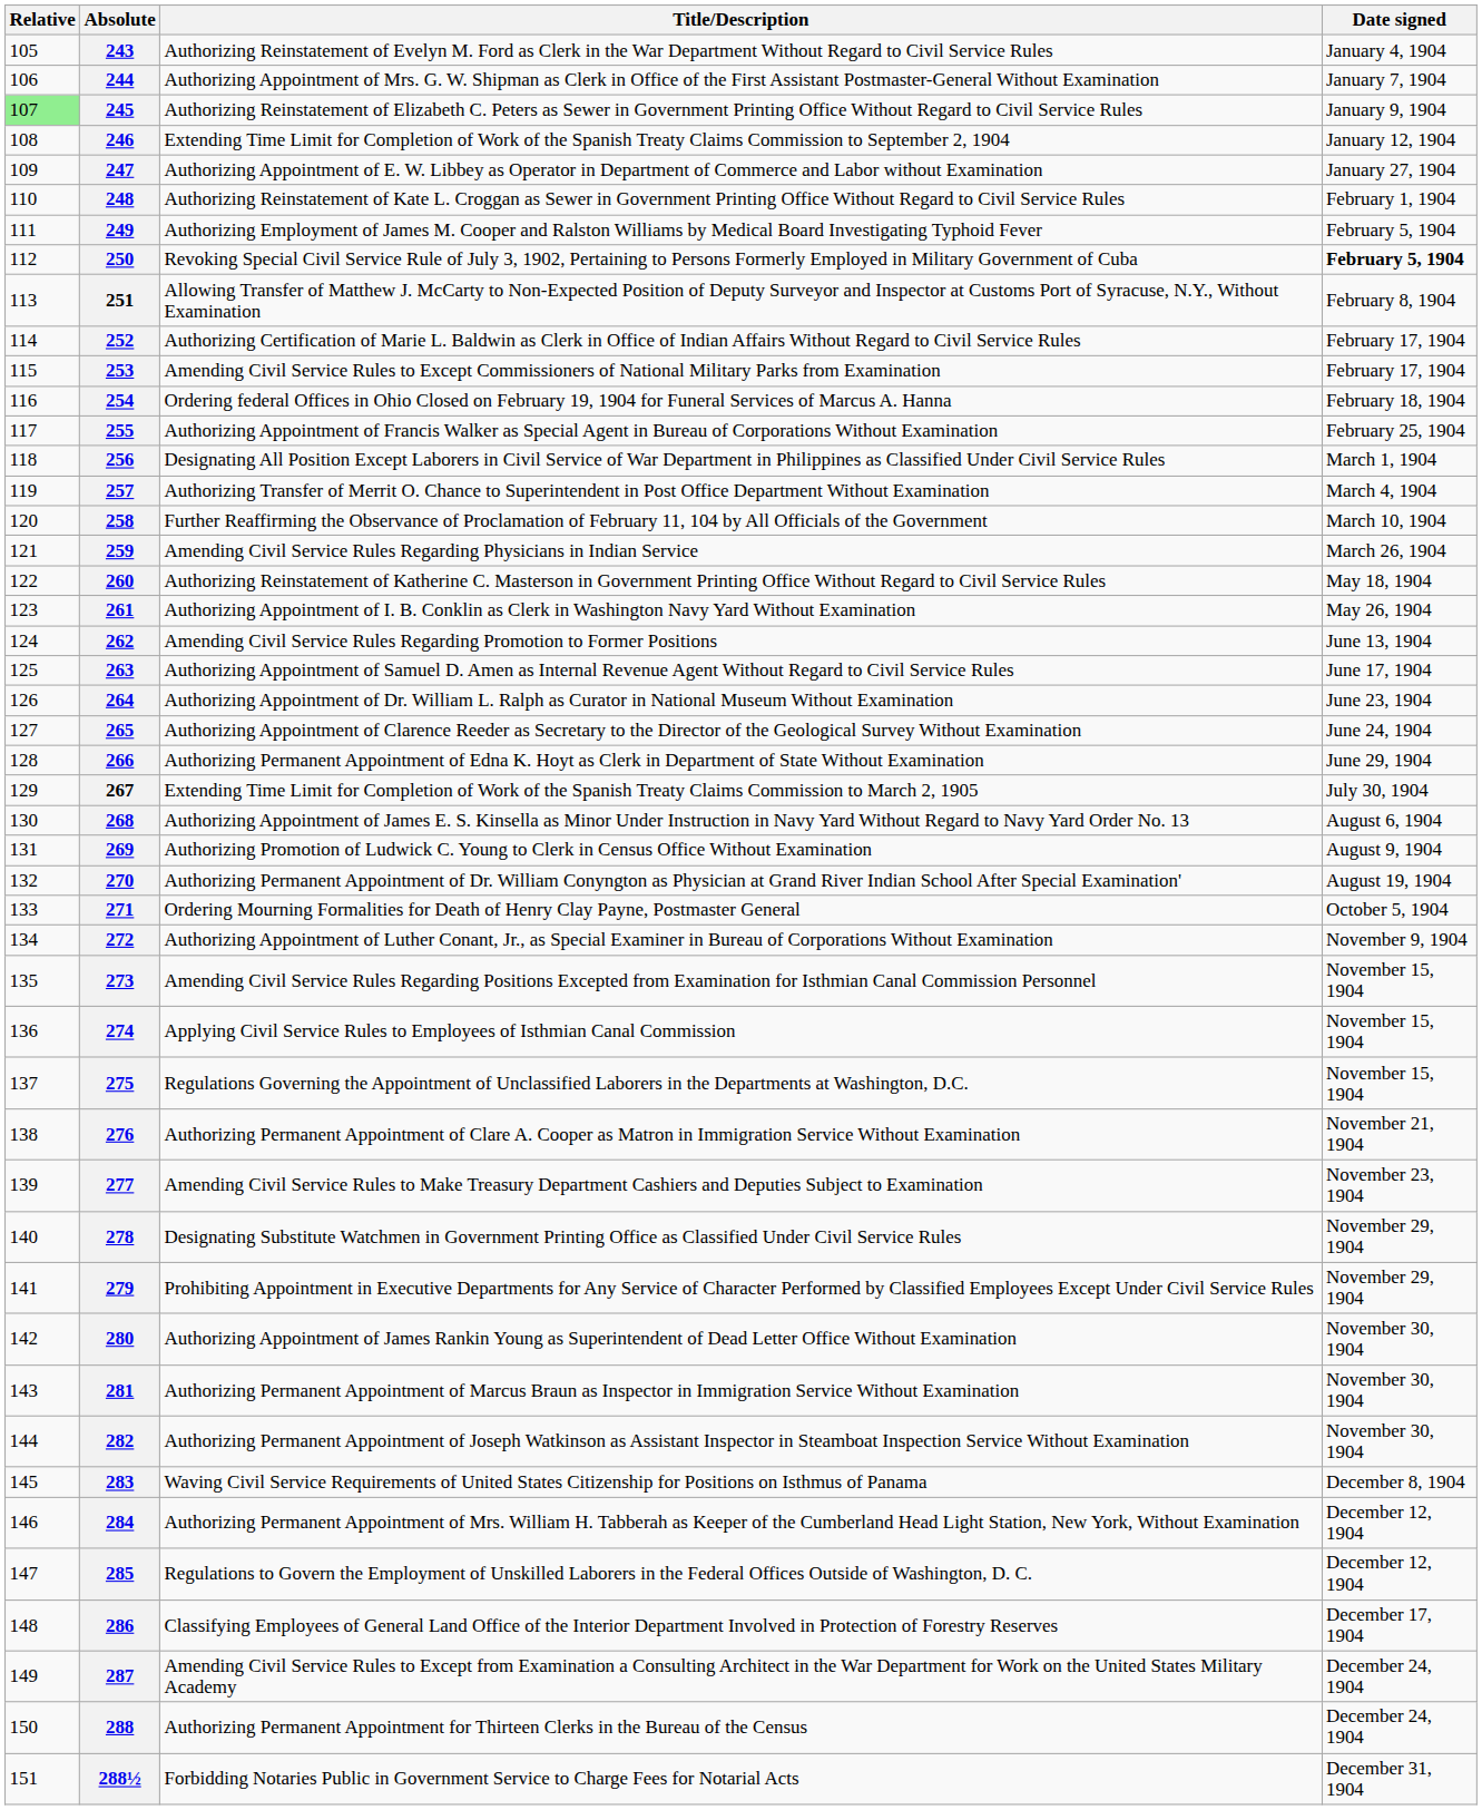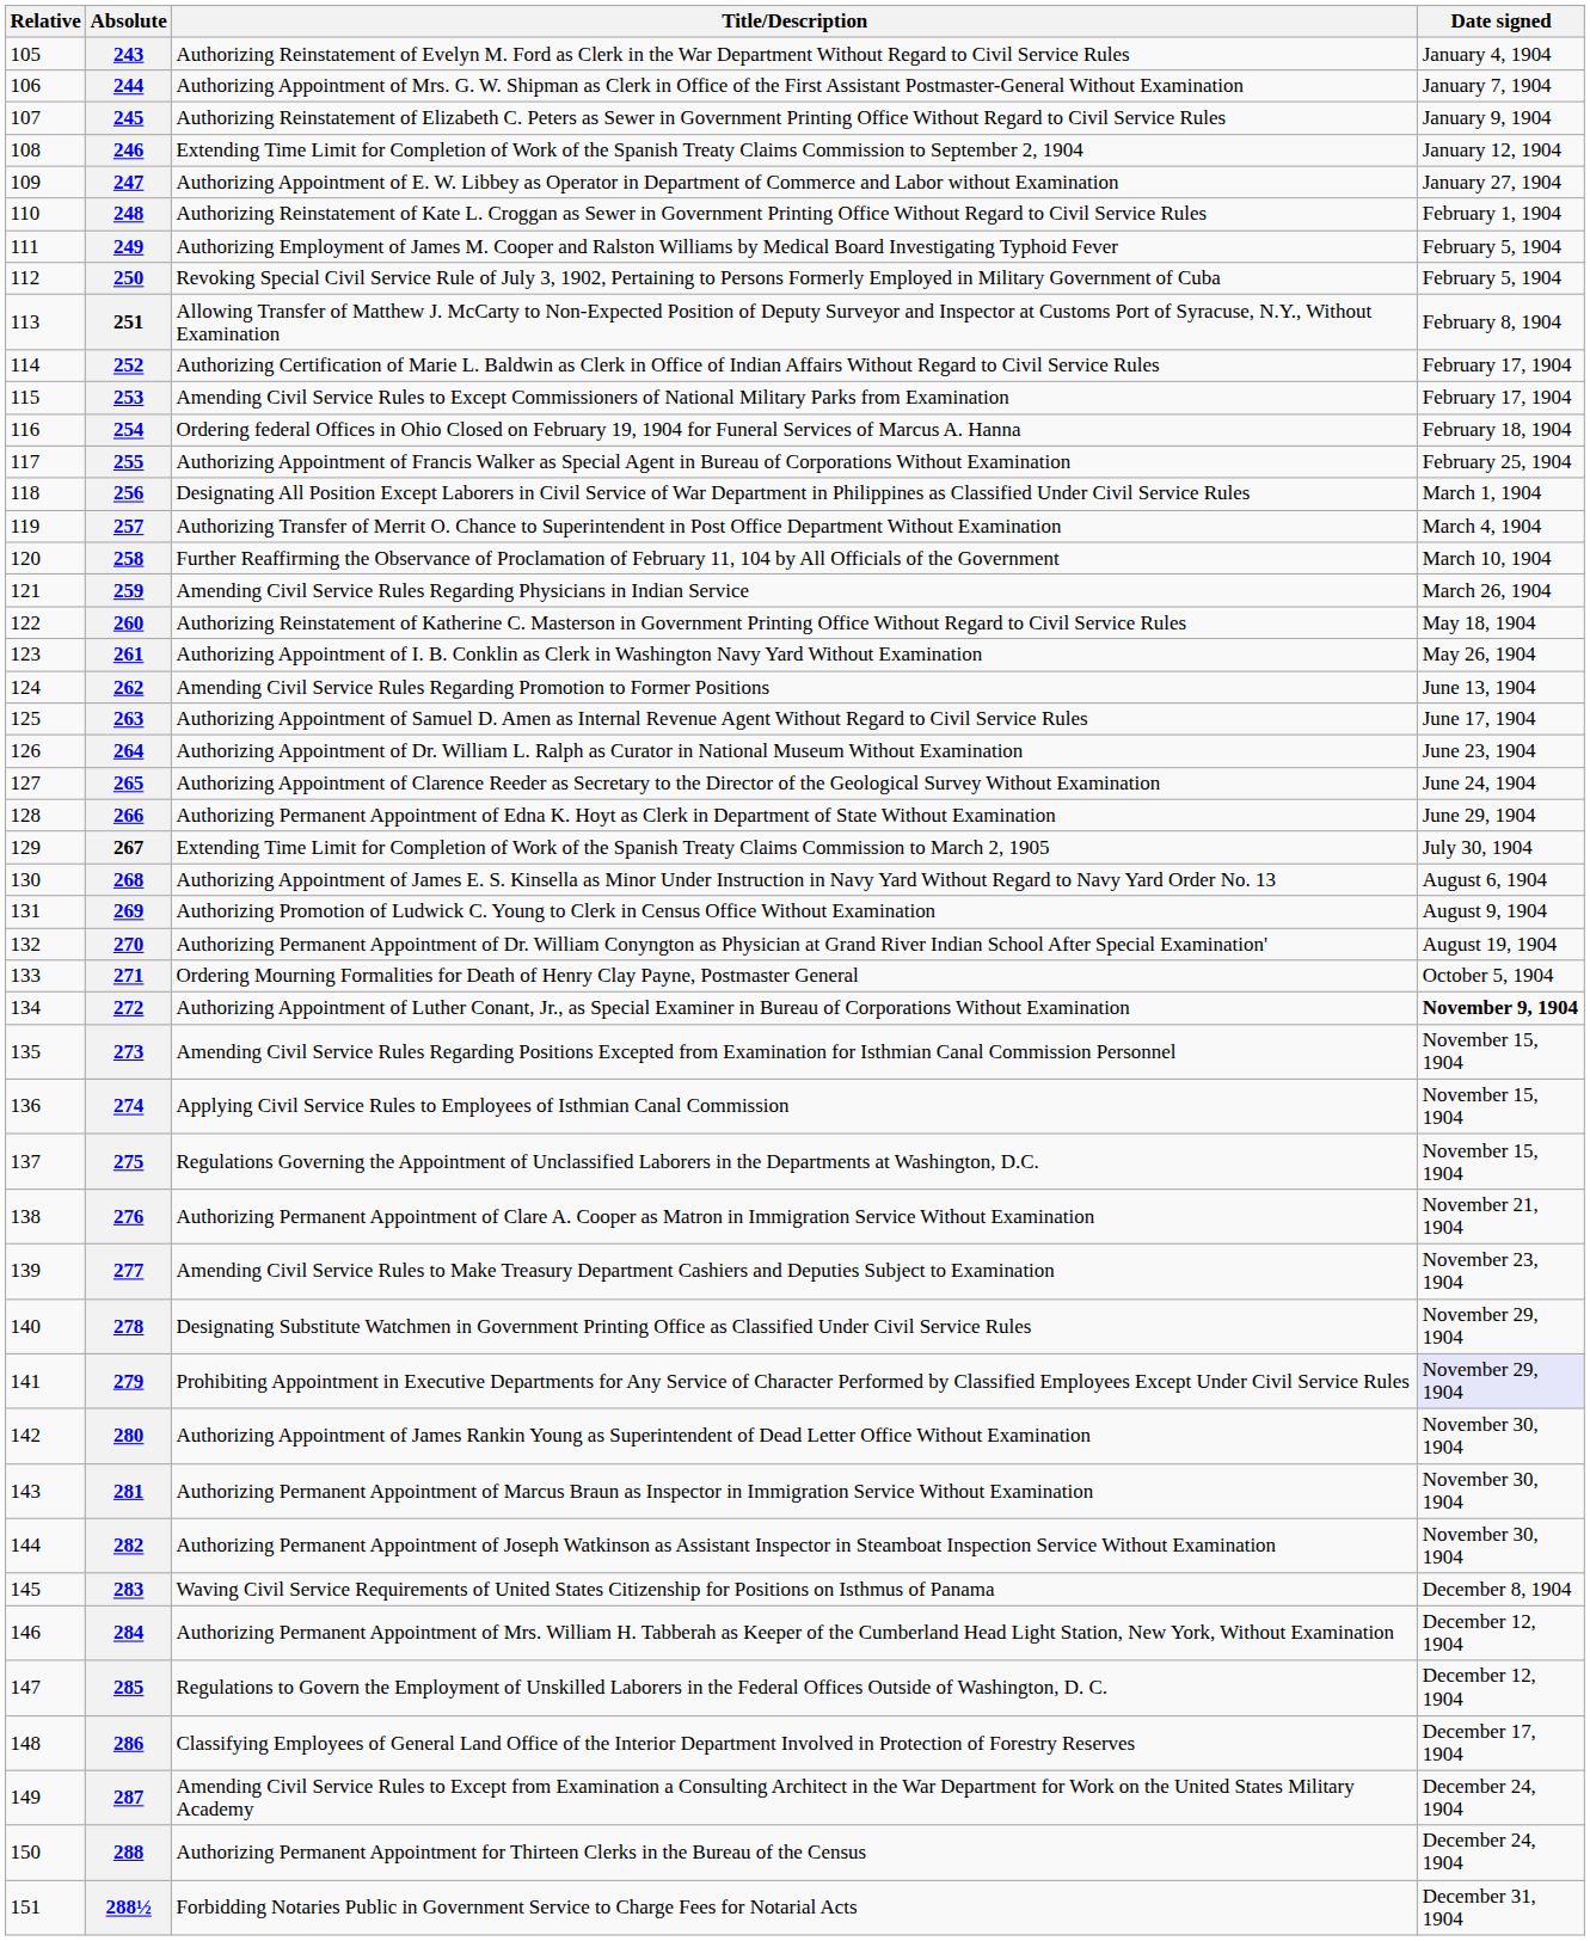 <table class="wikitable">
 <tr>
 <th>Relative </th>
 <th>Absolute </th>
 <th>Title/Description</th>
 <th>Date signed</th>
 </tr>
 <tr>
 <td>105</td>
 <th><a href='#'>243</a></th>
 <td>Authorizing Reinstatement of Evelyn M. Ford as Clerk in the War Department Without Regard to Civil Service Rules</td>
 <td>January 4, 1904</td>
 </tr>
 <tr>
 <td>106</td>
 <th><a href='#'>244</a></th>
 <td>Authorizing Appointment of Mrs. G. W. Shipman as Clerk in Office of the First Assistant Postmaster-General Without Examination</td>
 <td>January 7, 1904</td>
 </tr>
 <tr>
-<td style="background: lightgreen;">107</td>
+<td>107</td>
 <th><a href='#'>245</a></th>
 <td>Authorizing Reinstatement of Elizabeth C. Peters as Sewer in Government Printing Office Without Regard to Civil Service Rules</td>
 <td>January 9, 1904</td>
 </tr>
 <tr>
 <td>108</td>
 <th><a href='#'>246</a></th>
 <td>Extending Time Limit for Completion of Work of the Spanish Treaty Claims Commission to September 2, 1904</td>
 <td>January 12, 1904</td>
 </tr>
 <tr>
 <td>109</td>
 <th><a href='#'>247</a></th>
 <td>Authorizing Appointment of E. W. Libbey as Operator in Department of Commerce and Labor without Examination</td>
 <td>January 27, 1904</td>
 </tr>
 <tr>
 <td>110</td>
 <th><a href='#'>248</a></th>
 <td>Authorizing Reinstatement of Kate L. Croggan as Sewer in Government Printing Office Without Regard to Civil Service Rules</td>
 <td>February 1, 1904</td>
 </tr>
 <tr>
 <td>111</td>
 <th><a href='#'>249</a></th>
 <td>Authorizing Employment of James M. Cooper and Ralston Williams by Medical Board Investigating Typhoid Fever</td>
 <td>February 5, 1904</td>
 </tr>
 <tr>
 <td>112</td>
 <th><a href='#'>250</a></th>
 <td>Revoking Special Civil Service Rule of July 3, 1902, Pertaining to Persons Formerly Employed in Military Government of Cuba</td>
-<td><strong>February 5, 1904</strong></td>
+<td>February 5, 1904</td>
 </tr>
 <tr>
 <td>113</td>
 <th>251</th>
 <td>Allowing Transfer of Matthew J. McCarty to Non-Expected Position of Deputy Surveyor and Inspector at Customs Port of Syracuse, N.Y., Without Examination</td>
 <td>February 8, 1904</td>
 </tr>
 <tr>
 <td>114</td>
 <th><a href='#'>252</a></th>
 <td>Authorizing Certification of Marie L. Baldwin as Clerk in Office of Indian Affairs Without Regard to Civil Service Rules</td>
 <td>February 17, 1904</td>
 </tr>
 <tr>
 <td>115</td>
 <th><a href='#'>253</a></th>
 <td>Amending Civil Service Rules to Except Commissioners of National Military Parks from Examination</td>
 <td>February 17, 1904</td>
 </tr>
 <tr>
 <td>116</td>
 <th><a href='#'>254</a></th>
 <td>Ordering federal Offices in Ohio Closed on February 19, 1904 for Funeral Services of Marcus A. Hanna</td>
 <td>February 18, 1904</td>
 </tr>
 <tr>
 <td>117</td>
 <th><a href='#'>255</a></th>
 <td>Authorizing Appointment of Francis Walker as Special Agent in Bureau of Corporations Without Examination</td>
 <td>February 25, 1904</td>
 </tr>
 <tr>
 <td>118</td>
 <th><a href='#'>256</a></th>
 <td>Designating All Position Except Laborers in Civil Service of War Department in Philippines as Classified Under Civil Service Rules</td>
 <td>March 1, 1904</td>
 </tr>
 <tr>
 <td>119</td>
 <th><a href='#'>257</a></th>
 <td>Authorizing Transfer of Merrit O. Chance to Superintendent in Post Office Department Without Examination</td>
 <td>March 4, 1904</td>
 </tr>
 <tr>
 <td>120</td>
 <th><a href='#'>258</a></th>
 <td>Further Reaffirming the Observance of Proclamation of February 11, 104 by All Officials of the Government</td>
 <td>March 10, 1904</td>
 </tr>
 <tr>
 <td>121</td>
 <th><a href='#'>259</a></th>
 <td>Amending Civil Service Rules Regarding Physicians in Indian Service</td>
 <td>March 26, 1904</td>
 </tr>
 <tr>
 <td>122</td>
 <th><a href='#'>260</a></th>
 <td>Authorizing Reinstatement of Katherine C. Masterson in Government Printing Office Without Regard to Civil Service Rules</td>
 <td>May 18, 1904</td>
 </tr>
 <tr>
 <td>123</td>
 <th><a href='#'>261</a></th>
 <td>Authorizing Appointment of I. B. Conklin as Clerk in Washington Navy Yard Without Examination</td>
 <td>May 26, 1904</td>
 </tr>
 <tr>
 <td>124</td>
 <th><a href='#'>262</a></th>
 <td>Amending Civil Service Rules Regarding Promotion to Former Positions</td>
 <td>June 13, 1904</td>
 </tr>
 <tr>
 <td>125</td>
 <th><a href='#'>263</a></th>
 <td>Authorizing Appointment of Samuel D. Amen as Internal Revenue Agent Without Regard to Civil Service Rules</td>
 <td>June 17, 1904</td>
 </tr>
 <tr>
 <td>126</td>
 <th><a href='#'>264</a></th>
 <td>Authorizing Appointment of Dr. William L. Ralph as Curator in National Museum Without Examination</td>
 <td>June 23, 1904</td>
 </tr>
 <tr>
 <td>127</td>
 <th><a href='#'>265</a></th>
 <td>Authorizing Appointment of Clarence Reeder as Secretary to the Director of the Geological Survey Without Examination</td>
 <td>June 24, 1904</td>
 </tr>
 <tr>
 <td>128</td>
 <th><a href='#'>266</a></th>
 <td>Authorizing Permanent Appointment of Edna K. Hoyt as Clerk in Department of State Without Examination</td>
 <td>June 29, 1904</td>
 </tr>
 <tr>
 <td>129</td>
 <th>267</th>
 <td>Extending Time Limit for Completion of Work of the Spanish Treaty Claims Commission to March 2, 1905</td>
 <td>July 30, 1904</td>
 </tr>
 <tr>
 <td>130</td>
 <th><a href='#'>268</a></th>
 <td>Authorizing Appointment of James E. S. Kinsella as Minor Under Instruction in Navy Yard Without Regard to Navy Yard Order No. 13</td>
 <td>August 6, 1904</td>
 </tr>
 <tr>
 <td>131</td>
 <th><a href='#'>269</a></th>
 <td>Authorizing Promotion of Ludwick C. Young to Clerk in Census Office Without Examination</td>
 <td>August 9, 1904</td>
 </tr>
 <tr>
 <td>132</td>
 <th><a href='#'>270</a></th>
 <td>Authorizing Permanent Appointment of Dr. William Conyngton as Physician at Grand River Indian School After Special Examination'</td>
 <td>August 19, 1904</td>
 </tr>
 <tr>
 <td>133</td>
 <th><a href='#'>271</a></th>
 <td>Ordering Mourning Formalities for Death of Henry Clay Payne, Postmaster General</td>
 <td>October 5, 1904</td>
 </tr>
 <tr>
 <td>134</td>
 <th><a href='#'>272</a></th>
 <td>Authorizing Appointment of Luther Conant, Jr., as Special Examiner in Bureau of Corporations Without Examination</td>
-<td>November 9, 1904</td>
+<td><strong>November 9, 1904</strong></td>
 </tr>
 <tr>
 <td>135</td>
 <th><a href='#'>273</a></th>
 <td>Amending Civil Service Rules Regarding Positions Excepted from Examination for Isthmian Canal Commission Personnel</td>
 <td>November 15, 1904</td>
 </tr>
 <tr>
 <td>136</td>
 <th><a href='#'>274</a></th>
 <td>Applying Civil Service Rules to Employees of Isthmian Canal Commission</td>
 <td>November 15, 1904</td>
 </tr>
 <tr>
 <td>137</td>
 <th><a href='#'>275</a></th>
 <td>Regulations Governing the Appointment of Unclassified Laborers in the Departments at Washington, D.C.</td>
 <td>November 15, 1904</td>
 </tr>
 <tr>
 <td>138</td>
 <th><a href='#'>276</a></th>
 <td>Authorizing Permanent Appointment of Clare A. Cooper as Matron in Immigration Service Without Examination</td>
 <td>November 21, 1904</td>
 </tr>
 <tr>
 <td>139</td>
 <th><a href='#'>277</a></th>
 <td>Amending Civil Service Rules to Make Treasury Department Cashiers and Deputies Subject to Examination</td>
 <td>November 23, 1904</td>
 </tr>
 <tr>
 <td>140</td>
 <th><a href='#'>278</a></th>
 <td>Designating Substitute Watchmen in Government Printing Office as Classified Under Civil Service Rules</td>
 <td>November 29, 1904</td>
 </tr>
 <tr>
 <td>141</td>
 <th><a href='#'>279</a></th>
 <td>Prohibiting Appointment in Executive Departments for Any Service of Character Performed by Classified Employees Except Under Civil Service Rules</td>
-<td>November 29, 1904</td>
+<td style="background: lavender;">November 29, 1904</td>
 </tr>
 <tr>
 <td>142</td>
 <th><a href='#'>280</a></th>
 <td>Authorizing Appointment of James Rankin Young as Superintendent of Dead Letter Office Without Examination</td>
 <td>November 30, 1904</td>
 </tr>
 <tr>
 <td>143</td>
 <th><a href='#'>281</a></th>
 <td>Authorizing Permanent Appointment of Marcus Braun as Inspector in Immigration Service Without Examination</td>
 <td>November 30, 1904</td>
 </tr>
 <tr>
 <td>144</td>
 <th><a href='#'>282</a></th>
 <td>Authorizing Permanent Appointment of Joseph Watkinson as Assistant Inspector in Steamboat Inspection Service Without Examination</td>
 <td>November 30, 1904</td>
 </tr>
 <tr>
 <td>145</td>
 <th><a href='#'>283</a></th>
 <td>Waving Civil Service Requirements of United States Citizenship for Positions on Isthmus of Panama</td>
 <td>December 8, 1904</td>
 </tr>
 <tr>
 <td>146</td>
 <th><a href='#'>284</a></th>
 <td>Authorizing Permanent Appointment of Mrs. William H. Tabberah as Keeper of the Cumberland Head Light Station, New York, Without Examination</td>
 <td>December 12, 1904</td>
 </tr>
 <tr>
 <td>147</td>
 <th><a href='#'>285</a></th>
 <td>Regulations to Govern the Employment of Unskilled Laborers in the Federal Offices Outside of Washington, D. C.</td>
 <td>December 12, 1904</td>
 </tr>
 <tr>
 <td>148</td>
 <th><a href='#'>286</a></th>
 <td>Classifying Employees of General Land Office of the Interior Department Involved in Protection of Forestry Reserves</td>
 <td>December 17, 1904</td>
 </tr>
 <tr>
 <td>149</td>
 <th><a href='#'>287</a></th>
 <td>Amending Civil Service Rules to Except from Examination a Consulting Architect in the War Department for Work on the United States Military Academy</td>
 <td>December 24, 1904</td>
 </tr>
 <tr>
 <td>150</td>
 <th><a href='#'>288</a></th>
 <td>Authorizing Permanent Appointment for Thirteen Clerks in the Bureau of the Census</td>
 <td>December 24, 1904</td>
 </tr>
 <tr>
 <td>151</td>
 <th><a href='#'>288½</a></th>
 <td>Forbidding Notaries Public in Government Service to Charge Fees for Notarial Acts</td>
 <td>December 31, 1904</td>
 </tr>
 </table>
